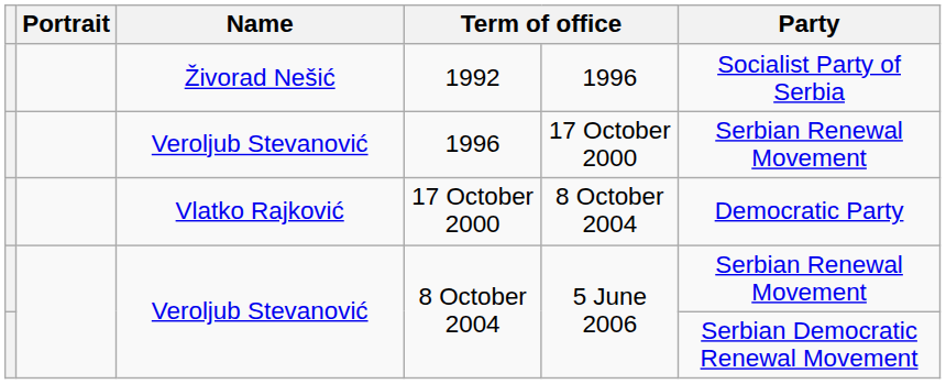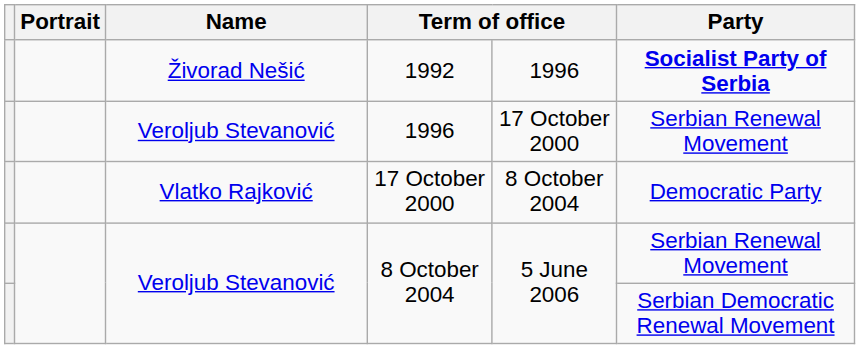 <table class="wikitable" style="text-align:center">
 <tr>
 <th></th>
 <th>Portrait</th>
 <th width=180>Name<br></th>
 <th colspan=2>Term of office</th>
 <th>Party</th>
 </tr>
 <tr>
 <th style="background:"></th>
 <td></td>
 <td><a href='#'>Živorad Nešić</a></td>
 <td>1992</td>
 <td>1996</td>
-<td><a href='#'>Socialist Party of Serbia</a></td>
+<td><strong><a href='#'>Socialist Party of Serbia</a></strong></td>
 </tr>
 <tr>
 <th style="background:"></th>
 <td></td>
 <td><a href='#'>Veroljub Stevanović</a><br></td>
 <td>1996</td>
 <td>17 October 2000</td>
 <td><a href='#'>Serbian Renewal Movement</a></td>
 </tr>
 <tr>
 <th style="background:"></th>
 <td></td>
 <td><a href='#'>Vlatko Rajković</a><br></td>
 <td>17 October 2000</td>
 <td>8 October 2004</td>
 <td><a href='#'>Democratic Party</a></td>
 </tr>
 <tr>
 <th style="background:"></th>
 <td rowspan=2></td>
 <td rowspan=2><a href='#'>Veroljub Stevanović</a><br></td>
 <td rowspan=2>8 October 2004</td>
 <td rowspan=2>5 June 2006</td>
 <td><a href='#'>Serbian Renewal Movement</a><br></td>
 </tr>
 <tr>
 <th style="background:"></th>
 <td><a href='#'>Serbian Democratic Renewal Movement</a><br></td>
 </tr>
 </table>
